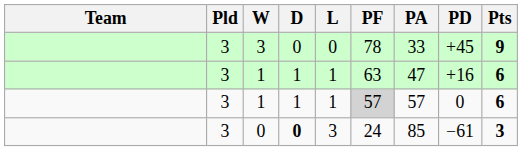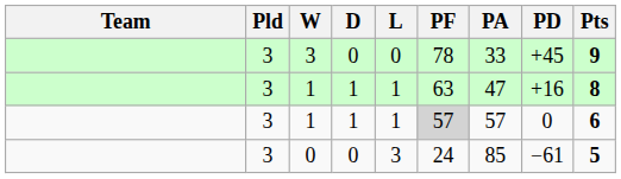 <table class="wikitable" style="text-align:center;">
 <tr>
 <th width=175>Team</th>
 <th width=25 abbr="Played">Pld</th>
 <th width=25 abbr="Won">W</th>
 <th width=25 abbr="Drawn">D</th>
 <th width=25 abbr="Lost">L</th>
 <th width=32 abbr="Points for">PF</th>
 <th width=32 abbr="Points against">PA</th>
 <th width=32 abbr="Points difference">PD</th>
 <th width=25 abbr="Points">Pts</th>
 </tr>
 <tr bgcolor=ccffcc>
 <td align=left></td>
 <td>3</td>
 <td>3</td>
 <td>0</td>
 <td>0</td>
 <td>78</td>
 <td>33</td>
 <td>+45</td>
 <td><strong>9</strong></td>
 </tr>
 <tr bgcolor=ccffcc>
 <td align=left></td>
 <td>3</td>
 <td>1</td>
 <td>1</td>
 <td>1</td>
 <td>63</td>
 <td>47</td>
 <td>+16</td>
-<td><strong>6</strong></td>
+<td><strong>8</strong></td>
 </tr>
 <tr>
 <td align=left></td>
 <td>3</td>
 <td>1</td>
 <td>1</td>
 <td>1</td>
 <td style="background: lightgrey;">57</td>
 <td>57</td>
 <td>0</td>
 <td><strong>6</strong></td>
 </tr>
 <tr>
 <td align=left></td>
 <td>3</td>
 <td>0</td>
-<td><strong>0</strong></td>
+<td>0</td>
 <td>3</td>
 <td>24</td>
 <td>85</td>
 <td>−61</td>
-<td><strong>3</strong></td>
+<td><strong>5</strong></td>
 </tr>
 </table>
